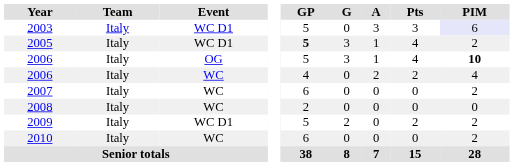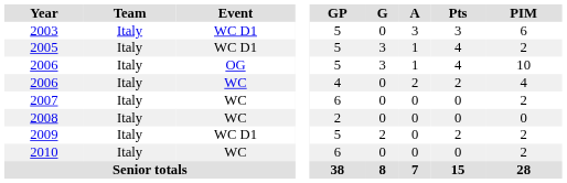 <table border="0" cellpadding="1" cellspacing="0" style="text-align:center; width:40em">
 <tr ALIGN="center" bgcolor="#e0e0e0">
 <th>Year</th>
 <th>Team</th>
 <th>Event</th>
 <th ALIGN="center" rowspan="99" bgcolor="#ffffff"> </th>
 <th>GP</th>
 <th>G</th>
 <th>A</th>
 <th>Pts</th>
 <th>PIM</th>
 </tr>
 <tr>
 <td><a href='#'>2003</a></td>
 <td><a href='#'>Italy</a></td>
 <td><a href='#'>WC D1</a></td>
 <td>5</td>
 <td>0</td>
 <td>3</td>
 <td>3</td>
-<td style="background: lavender;">6</td>
+<td>6</td>
 </tr>
 <tr bgcolor="#f0f0f0">
 <td><a href='#'>2005</a></td>
 <td>Italy</td>
 <td>WC D1</td>
-<td><strong>5</strong></td>
+<td>5</td>
 <td>3</td>
 <td>1</td>
 <td>4</td>
 <td>2</td>
 </tr>
 <tr>
 <td><a href='#'>2006</a></td>
 <td>Italy</td>
 <td><a href='#'>OG</a></td>
 <td>5</td>
 <td>3</td>
 <td>1</td>
 <td>4</td>
-<td><strong>10</strong></td>
+<td>10</td>
 </tr>
 <tr bgcolor="#f0f0f0">
 <td><a href='#'>2006</a></td>
 <td>Italy</td>
 <td><a href='#'>WC</a></td>
 <td>4</td>
 <td>0</td>
 <td>2</td>
 <td>2</td>
 <td>4</td>
 </tr>
 <tr>
 <td><a href='#'>2007</a></td>
 <td>Italy</td>
 <td>WC</td>
 <td>6</td>
 <td>0</td>
 <td>0</td>
 <td>0</td>
 <td>2</td>
 </tr>
 <tr bgcolor="#f0f0f0">
 <td><a href='#'>2008</a></td>
 <td>Italy</td>
 <td>WC</td>
 <td>2</td>
 <td>0</td>
 <td>0</td>
 <td>0</td>
 <td>0</td>
 </tr>
 <tr>
 <td><a href='#'>2009</a></td>
 <td>Italy</td>
 <td>WC D1</td>
 <td>5</td>
 <td>2</td>
 <td>0</td>
 <td>2</td>
 <td>2</td>
 </tr>
 <tr bgcolor="#f0f0f0">
 <td><a href='#'>2010</a></td>
 <td>Italy</td>
 <td>WC</td>
 <td>6</td>
 <td>0</td>
 <td>0</td>
 <td>0</td>
 <td>2</td>
 </tr>
 <tr bgcolor="#e0e0e0">
 <th colspan="3">Senior totals</th>
 <th>38</th>
 <th>8</th>
 <th>7</th>
 <th>15</th>
 <th>28</th>
 </tr>
 </table>
